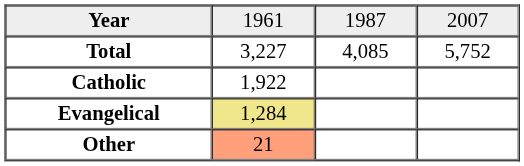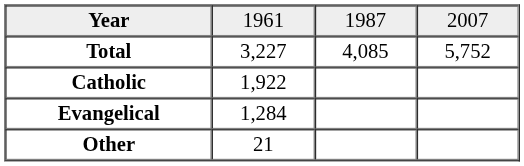 <table border="1" cellpadding="2" cellspacing="0" width="400">
 <tr bgcolor="#eeeeee" align="center">
 <td><strong>Year</strong></td>
 <td>1961</td>
 <td>1987</td>
 <td>2007</td>
 </tr>
 <tr align="center">
 <td><strong>Total</strong></td>
 <td>3,227</td>
 <td>4,085</td>
 <td>5,752</td>
 </tr>
 <tr align="center">
 <td><strong>Catholic</strong></td>
 <td>1,922</td>
 <td> </td>
 <td> </td>
 </tr>
 <tr align="center">
 <td><strong>Evangelical</strong></td>
-<td style="background: khaki;">1,284</td>
+<td>1,284</td>
 <td> </td>
 <td> </td>
 </tr>
 <tr align="center">
 <td><strong>Other</strong></td>
-<td style="background: lightsalmon;">21</td>
+<td>21</td>
 <td> </td>
 <td> </td>
 </tr>
 </table>
